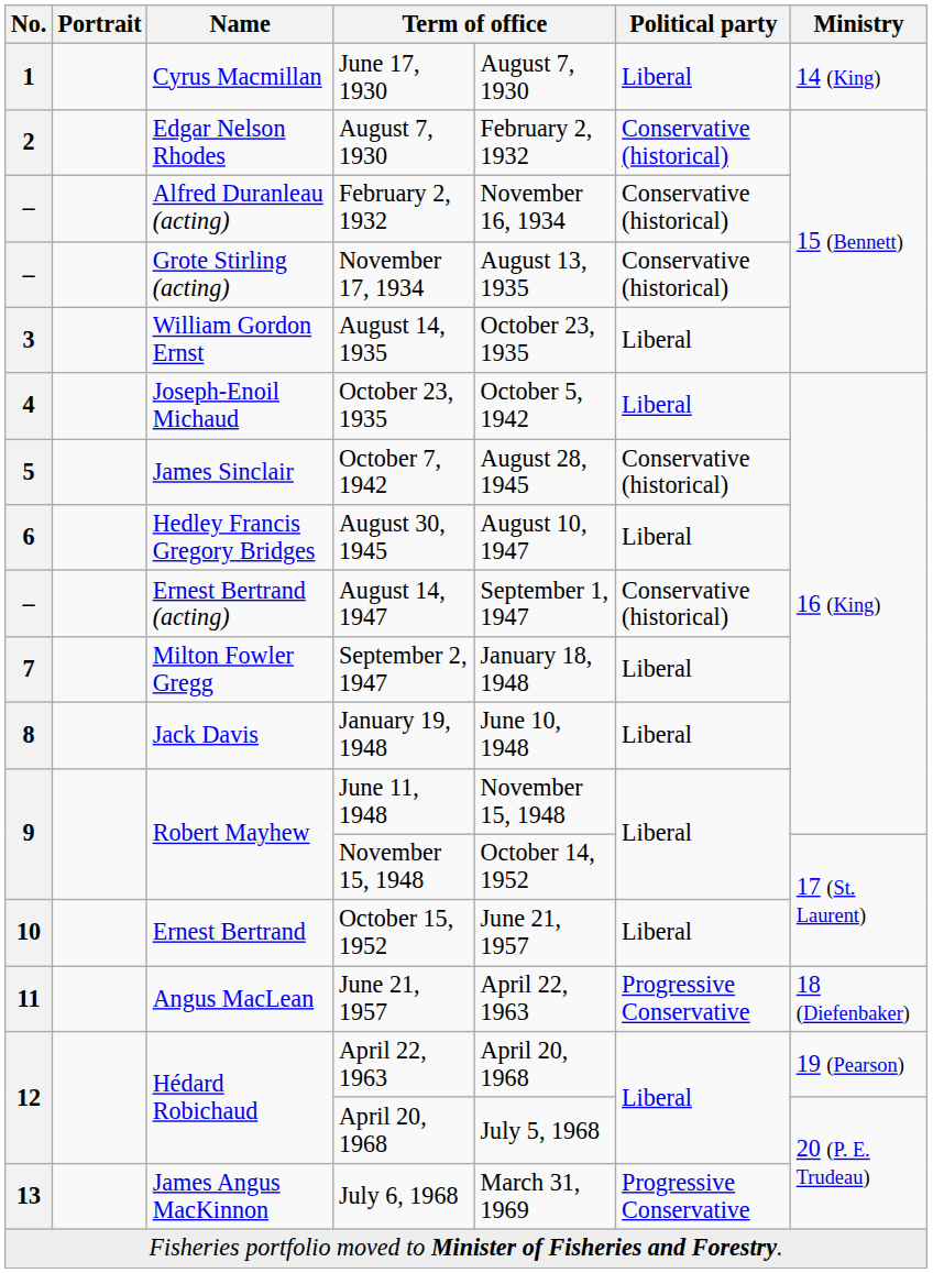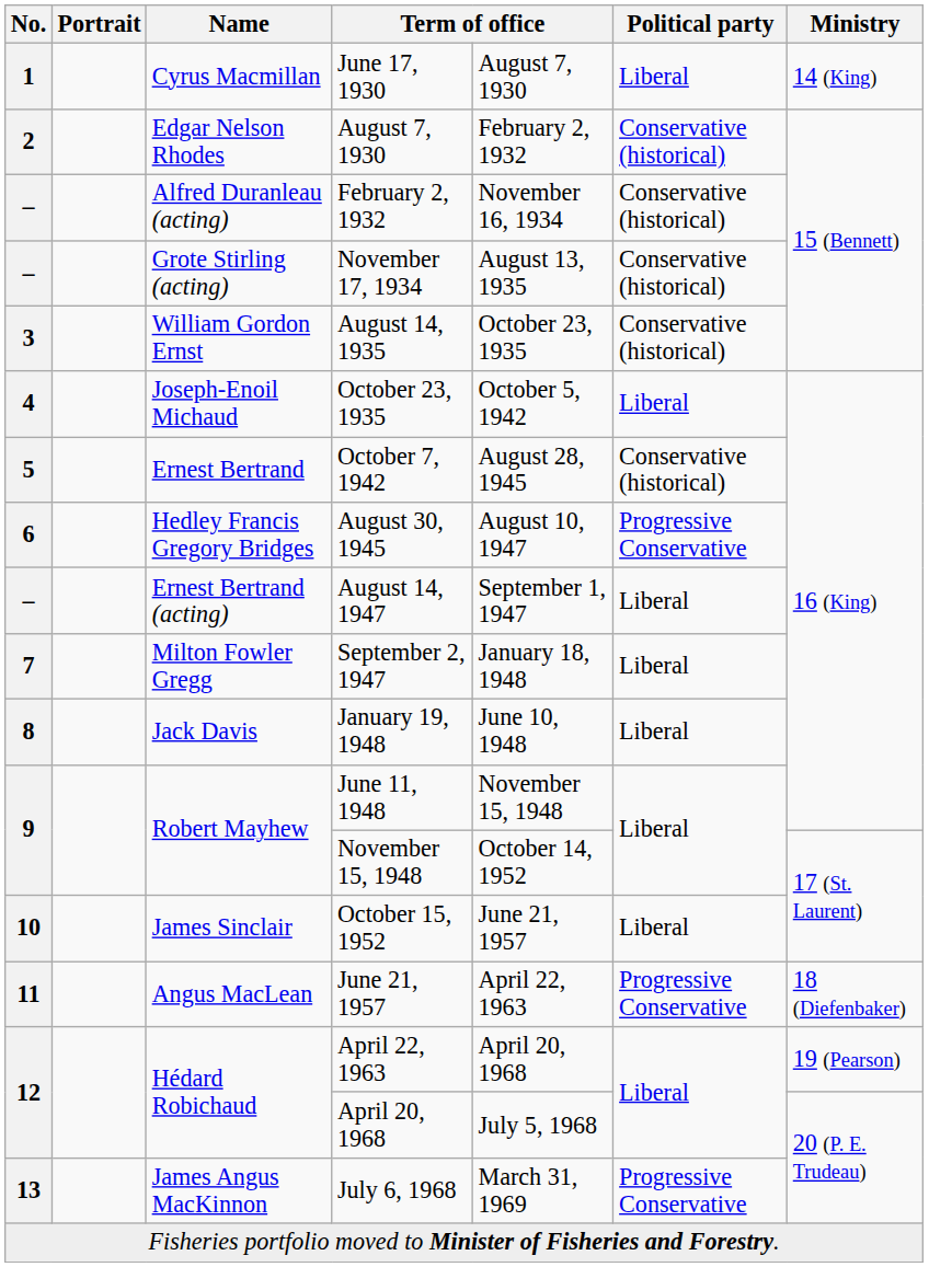 <table class="wikitable">
 <tr>
 <th>No.</th>
 <th>Portrait</th>
 <th>Name</th>
 <th colspan=2>Term of office</th>
 <th>Political party</th>
 <th>Ministry</th>
 </tr>
 <tr>
 <th style="background:">1</th>
 <td></td>
 <td><a href='#'>Cyrus Macmillan</a></td>
 <td>June 17, 1930</td>
 <td>August 7, 1930</td>
 <td><a href='#'>Liberal</a></td>
 <td><a href='#'>14</a> <small>(<a href='#'>King</a>)</small></td>
 </tr>
 <tr>
 <th style="background:">2</th>
 <td></td>
 <td><a href='#'>Edgar Nelson Rhodes</a></td>
 <td>August 7, 1930</td>
 <td>February 2, 1932</td>
 <td><a href='#'>Conservative (historical)</a></td>
 <td rowspan=4><a href='#'>15</a> <small>(<a href='#'>Bennett</a>)</small></td>
 </tr>
 <tr>
 <th style="background:">–</th>
 <td></td>
 <td><a href='#'>Alfred Duranleau</a> <em>(acting)</em></td>
 <td>February 2, 1932</td>
 <td>November 16, 1934</td>
 <td>Conservative (historical)</td>
 </tr>
 <tr>
 <th style="background:">–</th>
 <td></td>
 <td><a href='#'>Grote Stirling</a> <em>(acting)</em></td>
 <td>November 17, 1934</td>
 <td>August 13, 1935</td>
 <td>Conservative (historical)</td>
 </tr>
 <tr>
 <th style="background:">3</th>
 <td></td>
 <td><a href='#'>William Gordon Ernst</a></td>
 <td>August 14, 1935</td>
 <td>October 23, 1935</td>
-<td>Liberal</td>
+<td>Conservative (historical)</td>
 </tr>
 <tr>
 <th style="background:">4</th>
 <td></td>
 <td><a href='#'>Joseph-Enoil Michaud</a></td>
 <td>October 23, 1935</td>
 <td>October 5, 1942</td>
 <td><a href='#'>Liberal</a></td>
 <td rowspan=7><a href='#'>16</a> <small>(<a href='#'>King</a>)</small></td>
 </tr>
 <tr>
 <th style="background:">5</th>
 <td></td>
-<td><a href='#'>James Sinclair</a></td>
+<td><a href='#'>Ernest Bertrand</a></td>
 <td>October 7, 1942</td>
 <td>August 28, 1945</td>
 <td>Conservative (historical)</td>
 </tr>
 <tr>
 <th style="background:">6</th>
 <td></td>
 <td><a href='#'>Hedley Francis Gregory Bridges</a></td>
 <td>August 30, 1945</td>
 <td>August 10, 1947</td>
-<td>Liberal</td>
+<td><a href='#'>Progressive Conservative</a></td>
 </tr>
 <tr>
 <th style="background:">–</th>
 <td></td>
 <td><a href='#'>Ernest Bertrand</a> <em>(acting)</em></td>
 <td>August 14, 1947</td>
 <td>September 1, 1947</td>
-<td>Conservative (historical)</td>
+<td>Liberal</td>
 </tr>
 <tr>
 <th style="background:">7</th>
 <td></td>
 <td><a href='#'>Milton Fowler Gregg</a></td>
 <td>September 2, 1947</td>
 <td>January 18, 1948</td>
 <td>Liberal</td>
 </tr>
 <tr>
 <th style="background:">8</th>
 <td></td>
 <td><a href='#'>Jack Davis</a></td>
 <td>January 19, 1948</td>
 <td>June 10, 1948</td>
 <td>Liberal</td>
 </tr>
 <tr>
 <th rowspan=2 style="background:">9</th>
 <td rowspan=2></td>
 <td rowspan=2><a href='#'>Robert Mayhew</a></td>
 <td>June 11, 1948</td>
 <td>November 15, 1948</td>
 <td rowspan=2>Liberal</td>
 </tr>
 <tr>
 <td>November 15, 1948</td>
 <td>October 14, 1952</td>
 <td rowspan=2><a href='#'>17</a> <small>(<a href='#'>St. Laurent</a>)</small></td>
 </tr>
 <tr>
 <th style="background:">10</th>
 <td></td>
-<td><a href='#'>Ernest Bertrand</a></td>
+<td><a href='#'>James Sinclair</a></td>
 <td>October 15, 1952</td>
 <td>June 21, 1957</td>
 <td>Liberal</td>
 </tr>
 <tr>
 <th style="background:">11</th>
 <td></td>
 <td><a href='#'>Angus MacLean</a></td>
 <td>June 21, 1957</td>
 <td>April 22, 1963</td>
 <td><a href='#'>Progressive Conservative</a></td>
 <td><a href='#'>18</a> <small>(<a href='#'>Diefenbaker</a>)</small></td>
 </tr>
 <tr>
 <th rowspan=2 style="background:">12</th>
 <td rowspan=2></td>
 <td rowspan=2><a href='#'>Hédard Robichaud</a></td>
 <td>April 22, 1963</td>
 <td>April 20, 1968</td>
 <td rowspan=2><a href='#'>Liberal</a></td>
 <td><a href='#'>19</a> <small>(<a href='#'>Pearson</a>)</small></td>
 </tr>
 <tr>
 <td>April 20, 1968</td>
 <td>July 5, 1968</td>
 <td rowspan=2><a href='#'>20</a> <small>(<a href='#'>P. E. Trudeau</a>)</small></td>
 </tr>
 <tr>
 <th style="background:">13</th>
 <td></td>
 <td><a href='#'>James Angus MacKinnon</a></td>
 <td>July 6, 1968</td>
 <td>March 31, 1969</td>
 <td><a href='#'>Progressive Conservative</a></td>
 </tr>
 <tr>
 <td colspan=7 align=center style="background: #eeeeee;"><em>Fisheries portfolio moved to <strong>Minister of Fisheries and Forestry</strong>.</em></td>
 </tr>
 <tr>
 </tr>
 </table>
